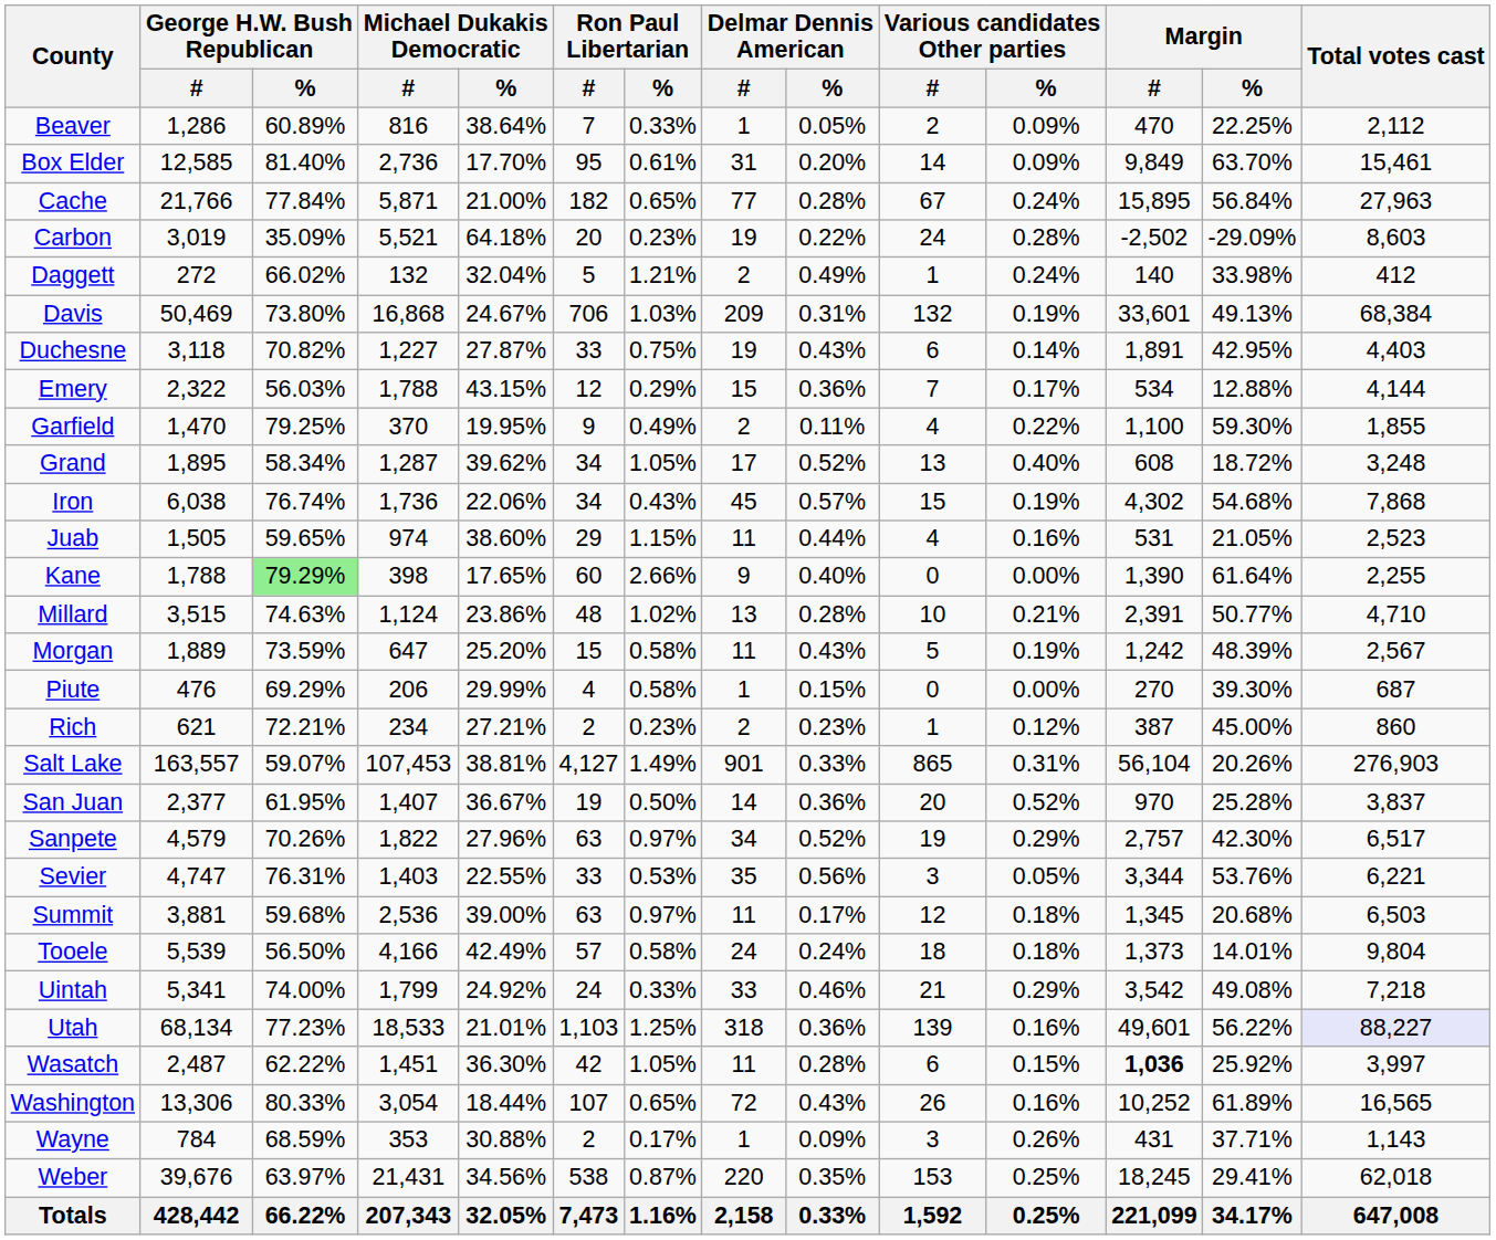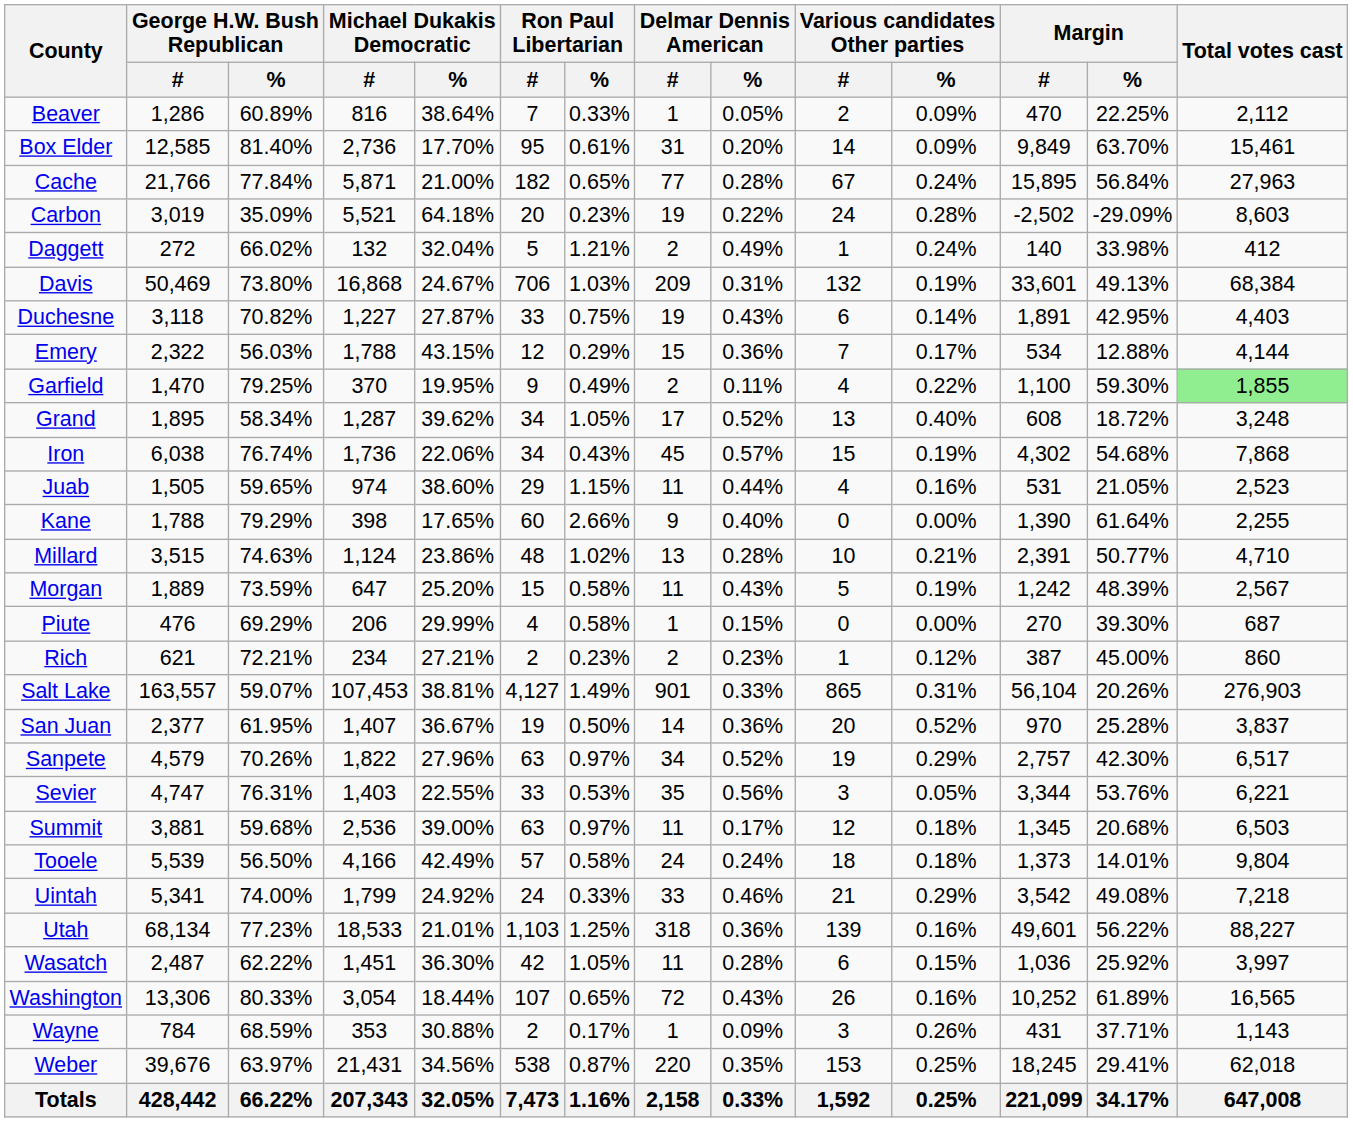 <table class="wikitable sortable" style="text-align:center">
 <tr>
 <th style="text-align:center;" rowspan="2">County</th>
 <th style="text-align:center;" colspan="2">George H.W. Bush<br>Republican</th>
 <th style="text-align:center;" colspan="2">Michael Dukakis<br>Democratic</th>
 <th style="text-align:center;" colspan="2">Ron Paul<br>Libertarian</th>
 <th style="text-align:center;" colspan="2">Delmar Dennis<br>American</th>
 <th style="text-align:center;" colspan="2">Various candidates<br>Other parties</th>
 <th style="text-align:center;" colspan="2">Margin</th>
 <th style="text-align:center;" rowspan="2">Total votes cast</th>
 </tr>
 <tr>
 <th style="text-align:center;" data-sort-type="number">#</th>
 <th style="text-align:center;" data-sort-type="number">%</th>
 <th style="text-align:center;" data-sort-type="number">#</th>
 <th style="text-align:center;" data-sort-type="number">%</th>
 <th style="text-align:center;" data-sort-type="number">#</th>
 <th style="text-align:center;" data-sort-type="number">%</th>
 <th style="text-align:center;" data-sort-type="number">#</th>
 <th style="text-align:center;" data-sort-type="number">%</th>
 <th style="text-align:center;" data-sort-type="number">#</th>
 <th style="text-align:center;" data-sort-type="number">%</th>
 <th style="text-align:center;" data-sort-type="number">#</th>
 <th style="text-align:center;" data-sort-type="number">%</th>
 </tr>
 <tr style="text-align:center;">
 <td><a href='#'>Beaver</a></td>
 <td>1,286</td>
 <td>60.89%</td>
 <td>816</td>
 <td>38.64%</td>
 <td>7</td>
 <td>0.33%</td>
 <td>1</td>
 <td>0.05%</td>
 <td>2</td>
 <td>0.09%</td>
 <td>470</td>
 <td>22.25%</td>
 <td>2,112</td>
 </tr>
 <tr style="text-align:center;">
 <td><a href='#'>Box Elder</a></td>
 <td>12,585</td>
 <td>81.40%</td>
 <td>2,736</td>
 <td>17.70%</td>
 <td>95</td>
 <td>0.61%</td>
 <td>31</td>
 <td>0.20%</td>
 <td>14</td>
 <td>0.09%</td>
 <td>9,849</td>
 <td>63.70%</td>
 <td>15,461</td>
 </tr>
 <tr style="text-align:center;">
 <td><a href='#'>Cache</a></td>
 <td>21,766</td>
 <td>77.84%</td>
 <td>5,871</td>
 <td>21.00%</td>
 <td>182</td>
 <td>0.65%</td>
 <td>77</td>
 <td>0.28%</td>
 <td>67</td>
 <td>0.24%</td>
 <td>15,895</td>
 <td>56.84%</td>
 <td>27,963</td>
 </tr>
 <tr style="text-align:center;">
 <td><a href='#'>Carbon</a></td>
 <td>3,019</td>
 <td>35.09%</td>
 <td>5,521</td>
 <td>64.18%</td>
 <td>20</td>
 <td>0.23%</td>
 <td>19</td>
 <td>0.22%</td>
 <td>24</td>
 <td>0.28%</td>
 <td>-2,502</td>
 <td>-29.09%</td>
 <td>8,603</td>
 </tr>
 <tr style="text-align:center;">
 <td><a href='#'>Daggett</a></td>
 <td>272</td>
 <td>66.02%</td>
 <td>132</td>
 <td>32.04%</td>
 <td>5</td>
 <td>1.21%</td>
 <td>2</td>
 <td>0.49%</td>
 <td>1</td>
 <td>0.24%</td>
 <td>140</td>
 <td>33.98%</td>
 <td>412</td>
 </tr>
 <tr style="text-align:center;">
 <td><a href='#'>Davis</a></td>
 <td>50,469</td>
 <td>73.80%</td>
 <td>16,868</td>
 <td>24.67%</td>
 <td>706</td>
 <td>1.03%</td>
 <td>209</td>
 <td>0.31%</td>
 <td>132</td>
 <td>0.19%</td>
 <td>33,601</td>
 <td>49.13%</td>
 <td>68,384</td>
 </tr>
 <tr style="text-align:center;">
 <td><a href='#'>Duchesne</a></td>
 <td>3,118</td>
 <td>70.82%</td>
 <td>1,227</td>
 <td>27.87%</td>
 <td>33</td>
 <td>0.75%</td>
 <td>19</td>
 <td>0.43%</td>
 <td>6</td>
 <td>0.14%</td>
 <td>1,891</td>
 <td>42.95%</td>
 <td>4,403</td>
 </tr>
 <tr style="text-align:center;">
 <td><a href='#'>Emery</a></td>
 <td>2,322</td>
 <td>56.03%</td>
 <td>1,788</td>
 <td>43.15%</td>
 <td>12</td>
 <td>0.29%</td>
 <td>15</td>
 <td>0.36%</td>
 <td>7</td>
 <td>0.17%</td>
 <td>534</td>
 <td>12.88%</td>
 <td>4,144</td>
 </tr>
 <tr style="text-align:center;">
 <td><a href='#'>Garfield</a></td>
 <td>1,470</td>
 <td>79.25%</td>
 <td>370</td>
 <td>19.95%</td>
 <td>9</td>
 <td>0.49%</td>
 <td>2</td>
 <td>0.11%</td>
 <td>4</td>
 <td>0.22%</td>
 <td>1,100</td>
 <td>59.30%</td>
-<td>1,855</td>
+<td style="background: lightgreen;">1,855</td>
 </tr>
 <tr style="text-align:center;">
 <td><a href='#'>Grand</a></td>
 <td>1,895</td>
 <td>58.34%</td>
 <td>1,287</td>
 <td>39.62%</td>
 <td>34</td>
 <td>1.05%</td>
 <td>17</td>
 <td>0.52%</td>
 <td>13</td>
 <td>0.40%</td>
 <td>608</td>
 <td>18.72%</td>
 <td>3,248</td>
 </tr>
 <tr style="text-align:center;">
 <td><a href='#'>Iron</a></td>
 <td>6,038</td>
 <td>76.74%</td>
 <td>1,736</td>
 <td>22.06%</td>
 <td>34</td>
 <td>0.43%</td>
 <td>45</td>
 <td>0.57%</td>
 <td>15</td>
 <td>0.19%</td>
 <td>4,302</td>
 <td>54.68%</td>
 <td>7,868</td>
 </tr>
 <tr style="text-align:center;">
 <td><a href='#'>Juab</a></td>
 <td>1,505</td>
 <td>59.65%</td>
 <td>974</td>
 <td>38.60%</td>
 <td>29</td>
 <td>1.15%</td>
 <td>11</td>
 <td>0.44%</td>
 <td>4</td>
 <td>0.16%</td>
 <td>531</td>
 <td>21.05%</td>
 <td>2,523</td>
 </tr>
 <tr style="text-align:center;">
 <td><a href='#'>Kane</a></td>
 <td>1,788</td>
-<td style="background: lightgreen;">79.29%</td>
+<td>79.29%</td>
 <td>398</td>
 <td>17.65%</td>
 <td>60</td>
 <td>2.66%</td>
 <td>9</td>
 <td>0.40%</td>
 <td>0</td>
 <td>0.00%</td>
 <td>1,390</td>
 <td>61.64%</td>
 <td>2,255</td>
 </tr>
 <tr style="text-align:center;">
 <td><a href='#'>Millard</a></td>
 <td>3,515</td>
 <td>74.63%</td>
 <td>1,124</td>
 <td>23.86%</td>
 <td>48</td>
 <td>1.02%</td>
 <td>13</td>
 <td>0.28%</td>
 <td>10</td>
 <td>0.21%</td>
 <td>2,391</td>
 <td>50.77%</td>
 <td>4,710</td>
 </tr>
 <tr style="text-align:center;">
 <td><a href='#'>Morgan</a></td>
 <td>1,889</td>
 <td>73.59%</td>
 <td>647</td>
 <td>25.20%</td>
 <td>15</td>
 <td>0.58%</td>
 <td>11</td>
 <td>0.43%</td>
 <td>5</td>
 <td>0.19%</td>
 <td>1,242</td>
 <td>48.39%</td>
 <td>2,567</td>
 </tr>
 <tr style="text-align:center;">
 <td><a href='#'>Piute</a></td>
 <td>476</td>
 <td>69.29%</td>
 <td>206</td>
 <td>29.99%</td>
 <td>4</td>
 <td>0.58%</td>
 <td>1</td>
 <td>0.15%</td>
 <td>0</td>
 <td>0.00%</td>
 <td>270</td>
 <td>39.30%</td>
 <td>687</td>
 </tr>
 <tr style="text-align:center;">
 <td><a href='#'>Rich</a></td>
 <td>621</td>
 <td>72.21%</td>
 <td>234</td>
 <td>27.21%</td>
 <td>2</td>
 <td>0.23%</td>
 <td>2</td>
 <td>0.23%</td>
 <td>1</td>
 <td>0.12%</td>
 <td>387</td>
 <td>45.00%</td>
 <td>860</td>
 </tr>
 <tr style="text-align:center;">
 <td><a href='#'>Salt Lake</a></td>
 <td>163,557</td>
 <td>59.07%</td>
 <td>107,453</td>
 <td>38.81%</td>
 <td>4,127</td>
 <td>1.49%</td>
 <td>901</td>
 <td>0.33%</td>
 <td>865</td>
 <td>0.31%</td>
 <td>56,104</td>
 <td>20.26%</td>
 <td>276,903</td>
 </tr>
 <tr style="text-align:center;">
 <td><a href='#'>San Juan</a></td>
 <td>2,377</td>
 <td>61.95%</td>
 <td>1,407</td>
 <td>36.67%</td>
 <td>19</td>
 <td>0.50%</td>
 <td>14</td>
 <td>0.36%</td>
 <td>20</td>
 <td>0.52%</td>
 <td>970</td>
 <td>25.28%</td>
 <td>3,837</td>
 </tr>
 <tr style="text-align:center;">
 <td><a href='#'>Sanpete</a></td>
 <td>4,579</td>
 <td>70.26%</td>
 <td>1,822</td>
 <td>27.96%</td>
 <td>63</td>
 <td>0.97%</td>
 <td>34</td>
 <td>0.52%</td>
 <td>19</td>
 <td>0.29%</td>
 <td>2,757</td>
 <td>42.30%</td>
 <td>6,517</td>
 </tr>
 <tr style="text-align:center;">
 <td><a href='#'>Sevier</a></td>
 <td>4,747</td>
 <td>76.31%</td>
 <td>1,403</td>
 <td>22.55%</td>
 <td>33</td>
 <td>0.53%</td>
 <td>35</td>
 <td>0.56%</td>
 <td>3</td>
 <td>0.05%</td>
 <td>3,344</td>
 <td>53.76%</td>
 <td>6,221</td>
 </tr>
 <tr style="text-align:center;">
 <td><a href='#'>Summit</a></td>
 <td>3,881</td>
 <td>59.68%</td>
 <td>2,536</td>
 <td>39.00%</td>
 <td>63</td>
 <td>0.97%</td>
 <td>11</td>
 <td>0.17%</td>
 <td>12</td>
 <td>0.18%</td>
 <td>1,345</td>
 <td>20.68%</td>
 <td>6,503</td>
 </tr>
 <tr style="text-align:center;">
 <td><a href='#'>Tooele</a></td>
 <td>5,539</td>
 <td>56.50%</td>
 <td>4,166</td>
 <td>42.49%</td>
 <td>57</td>
 <td>0.58%</td>
 <td>24</td>
 <td>0.24%</td>
 <td>18</td>
 <td>0.18%</td>
 <td>1,373</td>
 <td>14.01%</td>
 <td>9,804</td>
 </tr>
 <tr style="text-align:center;">
 <td><a href='#'>Uintah</a></td>
 <td>5,341</td>
 <td>74.00%</td>
 <td>1,799</td>
 <td>24.92%</td>
 <td>24</td>
 <td>0.33%</td>
 <td>33</td>
 <td>0.46%</td>
 <td>21</td>
 <td>0.29%</td>
 <td>3,542</td>
 <td>49.08%</td>
 <td>7,218</td>
 </tr>
 <tr style="text-align:center;">
 <td><a href='#'>Utah</a></td>
 <td>68,134</td>
 <td>77.23%</td>
 <td>18,533</td>
 <td>21.01%</td>
 <td>1,103</td>
 <td>1.25%</td>
 <td>318</td>
 <td>0.36%</td>
 <td>139</td>
 <td>0.16%</td>
 <td>49,601</td>
 <td>56.22%</td>
-<td style="background: lavender;">88,227</td>
+<td>88,227</td>
 </tr>
 <tr style="text-align:center;">
 <td><a href='#'>Wasatch</a></td>
 <td>2,487</td>
 <td>62.22%</td>
 <td>1,451</td>
 <td>36.30%</td>
 <td>42</td>
 <td>1.05%</td>
 <td>11</td>
 <td>0.28%</td>
 <td>6</td>
 <td>0.15%</td>
-<td><strong>1,036</strong></td>
+<td>1,036</td>
 <td>25.92%</td>
 <td>3,997</td>
 </tr>
 <tr style="text-align:center;">
 <td><a href='#'>Washington</a></td>
 <td>13,306</td>
 <td>80.33%</td>
 <td>3,054</td>
 <td>18.44%</td>
 <td>107</td>
 <td>0.65%</td>
 <td>72</td>
 <td>0.43%</td>
 <td>26</td>
 <td>0.16%</td>
 <td>10,252</td>
 <td>61.89%</td>
 <td>16,565</td>
 </tr>
 <tr style="text-align:center;">
 <td><a href='#'>Wayne</a></td>
 <td>784</td>
 <td>68.59%</td>
 <td>353</td>
 <td>30.88%</td>
 <td>2</td>
 <td>0.17%</td>
 <td>1</td>
 <td>0.09%</td>
 <td>3</td>
 <td>0.26%</td>
 <td>431</td>
 <td>37.71%</td>
 <td>1,143</td>
 </tr>
 <tr style="text-align:center;">
 <td><a href='#'>Weber</a></td>
 <td>39,676</td>
 <td>63.97%</td>
 <td>21,431</td>
 <td>34.56%</td>
 <td>538</td>
 <td>0.87%</td>
 <td>220</td>
 <td>0.35%</td>
 <td>153</td>
 <td>0.25%</td>
 <td>18,245</td>
 <td>29.41%</td>
 <td>62,018</td>
 </tr>
 <tr style="text-align:center;">
 <th>Totals</th>
 <th>428,442</th>
 <th>66.22%</th>
 <th>207,343</th>
 <th>32.05%</th>
 <th>7,473</th>
 <th>1.16%</th>
 <th>2,158</th>
 <th>0.33%</th>
 <th>1,592</th>
 <th>0.25%</th>
 <th>221,099</th>
 <th>34.17%</th>
 <th>647,008</th>
 </tr>
 </table>
